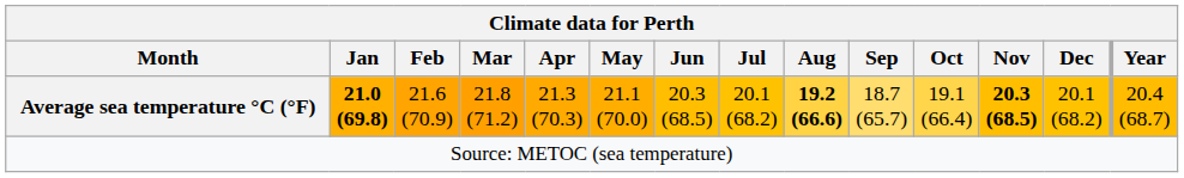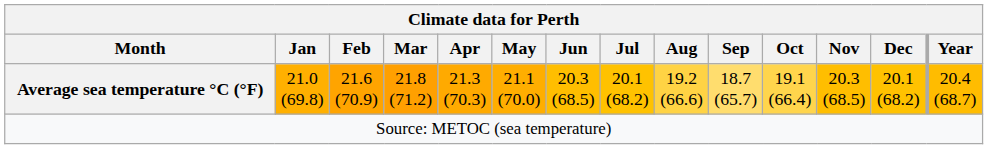 <table style="width:90%;text-align:center;font-size:90%;line-height:1.2em;margin-left:auto;margin-right:auto" class="wikitable">
 <tr>
 <th Colspan=14>Climate data for Perth</th>
 </tr>
 <tr>
 <th>Month</th>
 <th>Jan</th>
 <th>Feb</th>
 <th>Mar</th>
 <th>Apr</th>
 <th>May</th>
 <th>Jun</th>
 <th>Jul</th>
 <th>Aug</th>
 <th>Sep</th>
 <th>Oct</th>
 <th>Nov</th>
 <th>Dec</th>
 <th style="border-left-width:medium">Year</th>
 </tr>
 <tr>
 <th>Average sea temperature °C (°F)</th>
-<td style="background:#ffb000; color:#000;"><strong>21.0<br>(69.8)</strong></td>
+<td style="background:#ffb000; color:#000;">21.0<br>(69.8)</td>
 <td style="background:#ffa400; color:#000;">21.6<br>(70.9)</td>
 <td style="background:#ffa000; color:#000;">21.8<br>(71.2)</td>
 <td style="background:#fa0; color:#000;">21.3<br>(70.3)</td>
 <td style="background:#ffae00; color:#000;">21.1<br>(70.0)</td>
 <td style="background:#ffbe00; color:#000;">20.3<br>(68.5)</td>
 <td style="background:#ffc200; color:#000;">20.1<br>(68.2)</td>
-<td style="background:#ffd344; color:#000;"><strong>19.2<br>(66.6)</strong></td>
+<td style="background:#ffd344; color:#000;">19.2<br>(66.6)</td>
 <td style="background:#ffdd6e; color:#000;">18.7<br>(65.7)</td>
 <td style="background:#ffd54c; color:#000;">19.1<br>(66.4)</td>
-<td style="background:#ffbe00; color:#000;"><strong>20.3<br>(68.5)</strong></td>
+<td style="background:#ffbe00; color:#000;">20.3<br>(68.5)</td>
 <td style="background:#ffc200; color:#000;">20.1<br>(68.2)</td>
 <td style="background:#ffbc00; color:#000; border-left-width:medium;">20.4<br>(68.7)</td>
 </tr>
 <tr>
 <th Colspan=14 style="background:#f8f9fa;font-weight:normal;font-size:95%;">Source: METOC (sea temperature)</th>
 </tr>
 </table>
